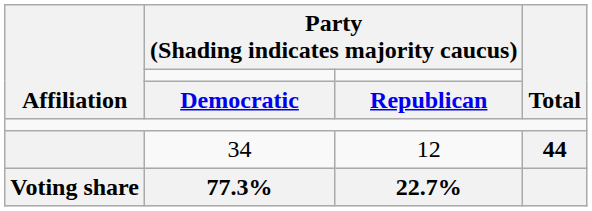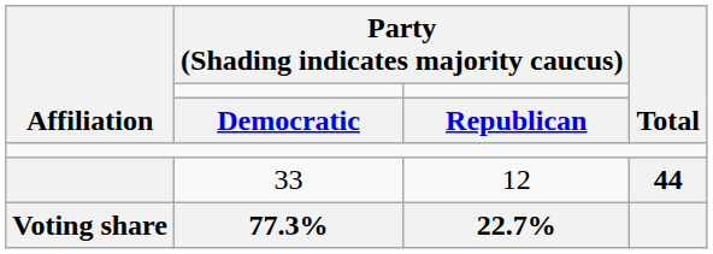 <table class=wikitable style="text-align:center">
 <tr style="vertical-align:bottom;">
 <th rowspan=3>Affiliation</th>
 <th colspan=2>Party <div>(Shading indicates majority caucus)</div></th>
 <th rowspan=3>Total</th>
 </tr>
 <tr style="height:5px">
 <td style="background-color:"></td>
 <td style="background-color:"></td>
 </tr>
 <tr>
 <th><a href='#'>Democratic</a></th>
 <th><a href='#'>Republican</a></th>
 </tr>
 <tr>
 <td colspan=5></td>
 </tr>
 <tr>
 <th nowrap style="font-size:80%"></th>
-<td>34</td>
+<td>33</td>
 <td>12</td>
 <th>44</th>
 </tr>
 <tr>
 <th>Voting share</th>
 <th>77.3%</th>
 <th>22.7% </th>
 <th colspan=2></th>
 </tr>
 </table>
